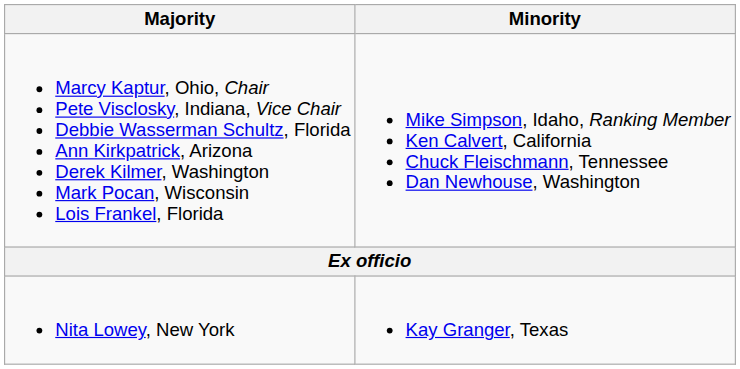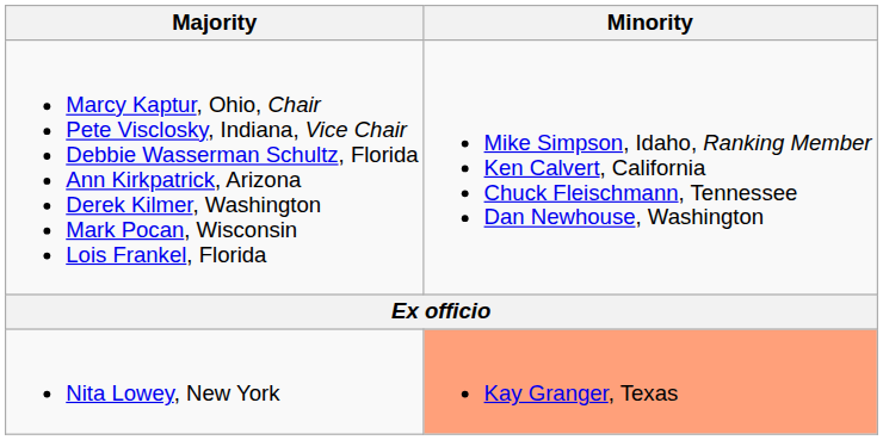 <table class=wikitable>
 <tr>
 <th>Majority</th>
 <th>Minority</th>
 </tr>
 <tr>
 <td><br><ul><li><a href='#'>Marcy Kaptur</a>, Ohio, <em>Chair</em></li><li><a href='#'>Pete Visclosky</a>, Indiana, <em>Vice Chair</em></li><li><a href='#'>Debbie Wasserman Schultz</a>, Florida</li><li><a href='#'>Ann Kirkpatrick</a>, Arizona</li><li><a href='#'>Derek Kilmer</a>, Washington</li><li><a href='#'>Mark Pocan</a>, Wisconsin</li><li><a href='#'>Lois Frankel</a>, Florida</li></ul></td>
 <td><br><ul><li><a href='#'>Mike Simpson</a>, Idaho, <em>Ranking Member</em></li><li><a href='#'>Ken Calvert</a>, California</li><li><a href='#'>Chuck Fleischmann</a>, Tennessee</li><li><a href='#'>Dan Newhouse</a>, Washington</li></ul></td>
 </tr>
 <tr>
 <th colspan=2><em>Ex officio</em></th>
 </tr>
 <tr>
 <td><br><ul><li><a href='#'>Nita Lowey</a>, New York</li></ul></td>
-<td><br><ul><li><a href='#'>Kay Granger</a>, Texas</li></ul></td>
+<td style="background: lightsalmon;"><br><ul><li><a href='#'>Kay Granger</a>, Texas</li></ul></td>
 </tr>
 </table>
